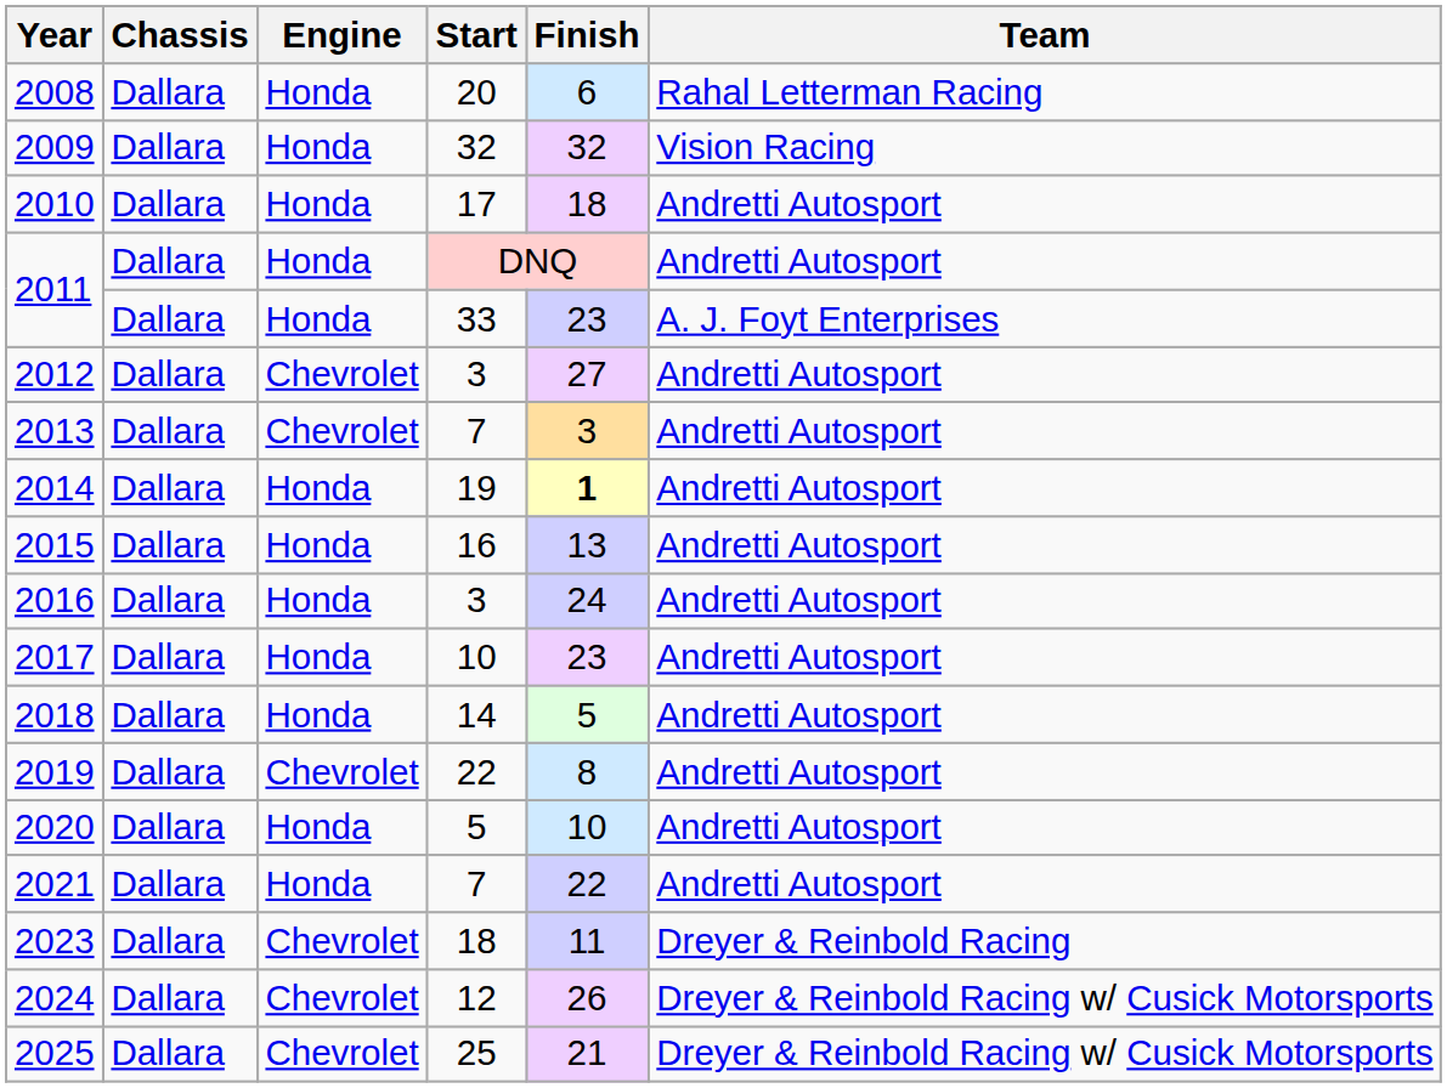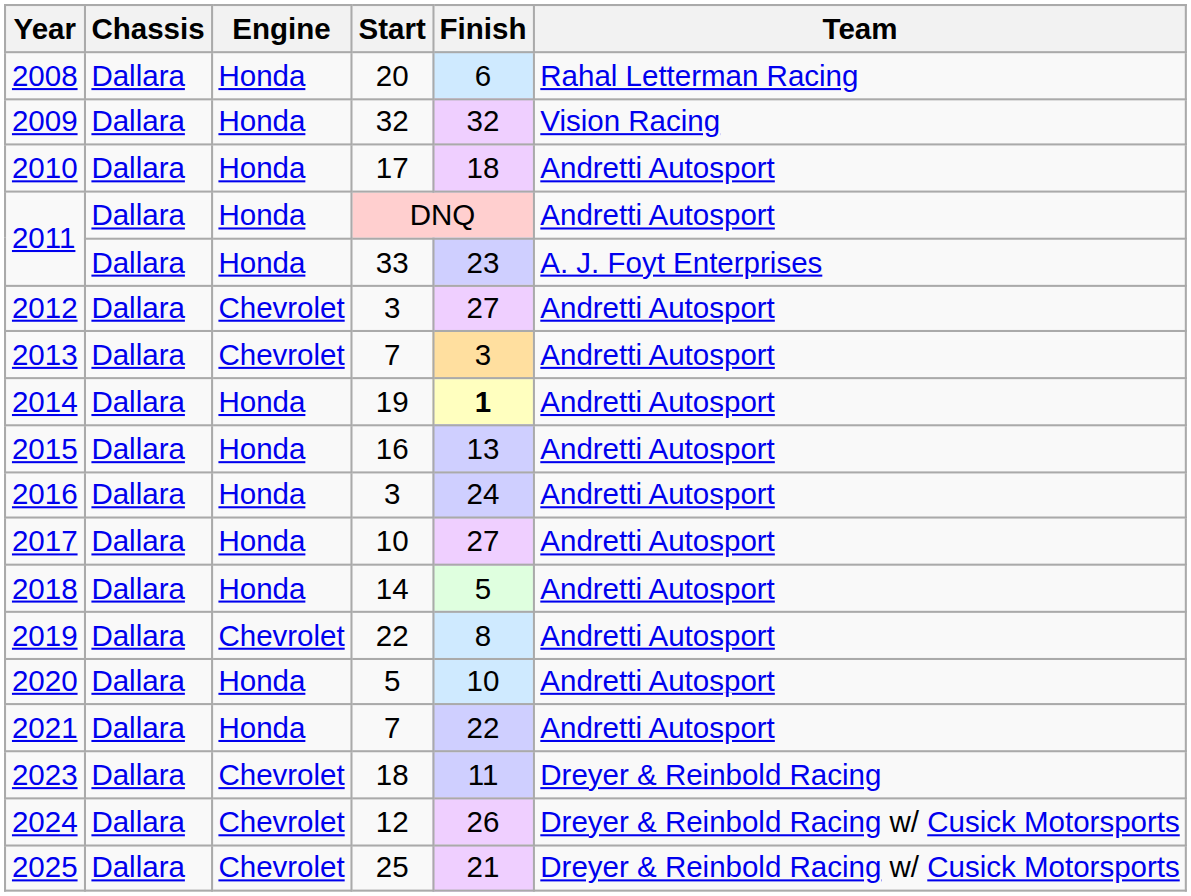 <table class="wikitable" style="font-size: 90%;">
 <tr>
 <th>Year</th>
 <th>Chassis</th>
 <th>Engine</th>
 <th>Start</th>
 <th>Finish</th>
 <th>Team</th>
 </tr>
 <tr>
 <td><a href='#'>2008</a></td>
 <td><a href='#'>Dallara</a></td>
 <td><a href='#'>Honda</a></td>
 <td align=center>20</td>
 <td align=center style="background:#cfeaff;">6</td>
 <td nowrap><a href='#'>Rahal Letterman Racing</a></td>
 </tr>
 <tr>
 <td><a href='#'>2009</a></td>
 <td><a href='#'>Dallara</a></td>
 <td><a href='#'>Honda</a></td>
 <td align=center>32</td>
 <td align=center style="background:#efcfff;">32</td>
 <td><a href='#'>Vision Racing</a></td>
 </tr>
 <tr>
 <td><a href='#'>2010</a></td>
 <td><a href='#'>Dallara</a></td>
 <td><a href='#'>Honda</a></td>
 <td align=center>17</td>
 <td align=center style="background:#efcfff;">18</td>
 <td><a href='#'>Andretti Autosport</a></td>
 </tr>
 <tr>
 <td rowspan=2><a href='#'>2011</a></td>
 <td><a href='#'>Dallara</a></td>
 <td><a href='#'>Honda</a></td>
 <td colspan=2 align=center style="background:#FFCFCF;">DNQ</td>
 <td><a href='#'>Andretti Autosport</a></td>
 </tr>
 <tr>
 <td><a href='#'>Dallara</a></td>
 <td><a href='#'>Honda</a></td>
 <td align=center>33</td>
 <td align=center style="background:#CFCFFF;">23</td>
 <td><a href='#'>A. J. Foyt Enterprises</a></td>
 </tr>
 <tr>
 <td><a href='#'>2012</a></td>
 <td><a href='#'>Dallara</a></td>
 <td><a href='#'>Chevrolet</a></td>
 <td align=center>3</td>
 <td align=center style="background:#EFCFFF;">27</td>
 <td><a href='#'>Andretti Autosport</a></td>
 </tr>
 <tr>
 <td><a href='#'>2013</a></td>
 <td><a href='#'>Dallara</a></td>
 <td><a href='#'>Chevrolet</a></td>
 <td align=center>7</td>
 <td align=center style="background:#FFDF9F;">3</td>
 <td><a href='#'>Andretti Autosport</a></td>
 </tr>
 <tr>
 <td><a href='#'>2014</a></td>
 <td><a href='#'>Dallara</a></td>
 <td><a href='#'>Honda</a></td>
 <td align=center>19</td>
 <td align=center style="background:#FFFFBF;"><strong>1</strong></td>
 <td><a href='#'>Andretti Autosport</a></td>
 </tr>
 <tr>
 <td><a href='#'>2015</a></td>
 <td><a href='#'>Dallara</a></td>
 <td><a href='#'>Honda</a></td>
 <td align=center>16</td>
 <td align=center style="background:#CFCFFF;">13</td>
 <td><a href='#'>Andretti Autosport</a></td>
 </tr>
 <tr>
 <td><a href='#'>2016</a></td>
 <td><a href='#'>Dallara</a></td>
 <td><a href='#'>Honda</a></td>
 <td align=center>3</td>
 <td align=center style="background:#CFCFFF;">24</td>
 <td><a href='#'>Andretti Autosport</a></td>
 </tr>
 <tr>
 <td><a href='#'>2017</a></td>
 <td><a href='#'>Dallara</a></td>
 <td><a href='#'>Honda</a></td>
 <td align=center>10</td>
-<td align=center style="background:#EFCFFF;">23</td>
+<td align=center style="background:#EFCFFF;">27</td>
 <td><a href='#'>Andretti Autosport</a></td>
 </tr>
 <tr>
 <td><a href='#'>2018</a></td>
 <td><a href='#'>Dallara</a></td>
 <td><a href='#'>Honda</a></td>
 <td align=center>14</td>
 <td align=center style="background:#DFFFDF;">5</td>
 <td><a href='#'>Andretti Autosport</a></td>
 </tr>
 <tr>
 <td><a href='#'>2019</a></td>
 <td><a href='#'>Dallara</a></td>
 <td><a href='#'>Chevrolet</a></td>
 <td align=center>22</td>
 <td align=center style="background:#CFEAFF;">8</td>
 <td><a href='#'>Andretti Autosport</a></td>
 </tr>
 <tr>
 <td><a href='#'>2020</a></td>
 <td><a href='#'>Dallara</a></td>
 <td><a href='#'>Honda</a></td>
 <td align=center>5</td>
 <td align=center style="background:#CFEAFF;">10</td>
 <td><a href='#'>Andretti Autosport</a></td>
 </tr>
 <tr>
 <td><a href='#'>2021</a></td>
 <td><a href='#'>Dallara</a></td>
 <td><a href='#'>Honda</a></td>
 <td align=center>7</td>
 <td align=center style="background:#CFCFFF;">22</td>
 <td><a href='#'>Andretti Autosport</a></td>
 </tr>
 <tr>
 <td><a href='#'>2023</a></td>
 <td><a href='#'>Dallara</a></td>
 <td><a href='#'>Chevrolet</a></td>
 <td align=center>18</td>
 <td align=center style="background:#CFCFFF;">11</td>
 <td><a href='#'>Dreyer & Reinbold Racing</a></td>
 </tr>
 <tr>
 <td><a href='#'>2024</a></td>
 <td><a href='#'>Dallara</a></td>
 <td><a href='#'>Chevrolet</a></td>
 <td align=center>12</td>
 <td align=center style="background:#efcfff;">26</td>
 <td nowrap><a href='#'>Dreyer & Reinbold Racing</a> w/ <a href='#'>Cusick Motorsports</a></td>
 </tr>
 <tr>
 <td><a href='#'>2025</a></td>
 <td><a href='#'>Dallara</a></td>
 <td><a href='#'>Chevrolet</a></td>
 <td align=center>25</td>
 <td align=center style="background:#EFCFFF;">21</td>
 <td nowrap><a href='#'>Dreyer & Reinbold Racing</a> w/ <a href='#'>Cusick Motorsports</a></td>
 </tr>
 </table>
